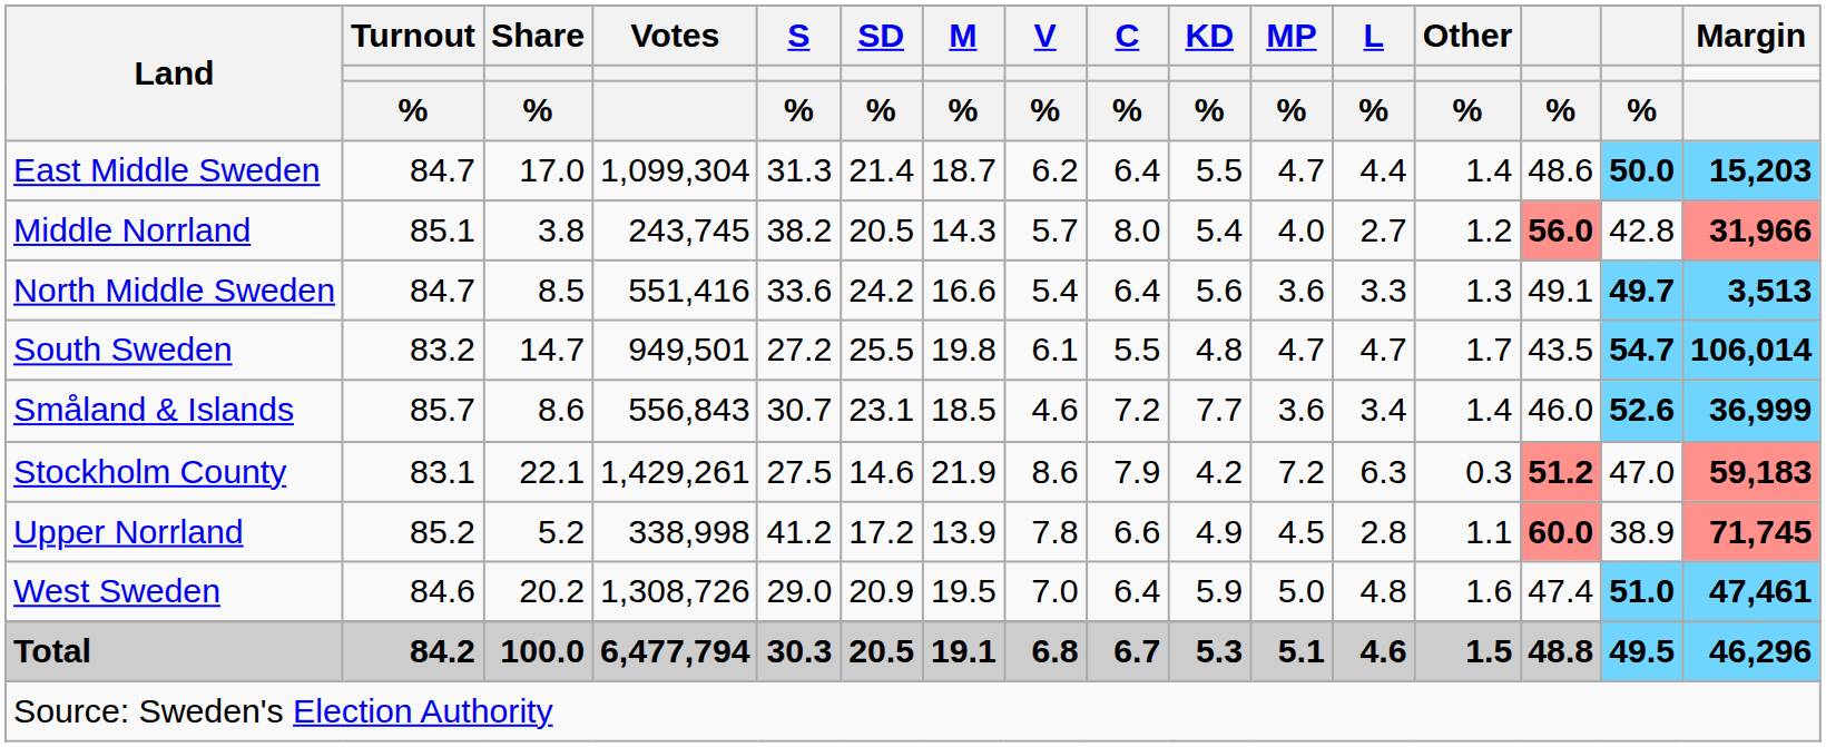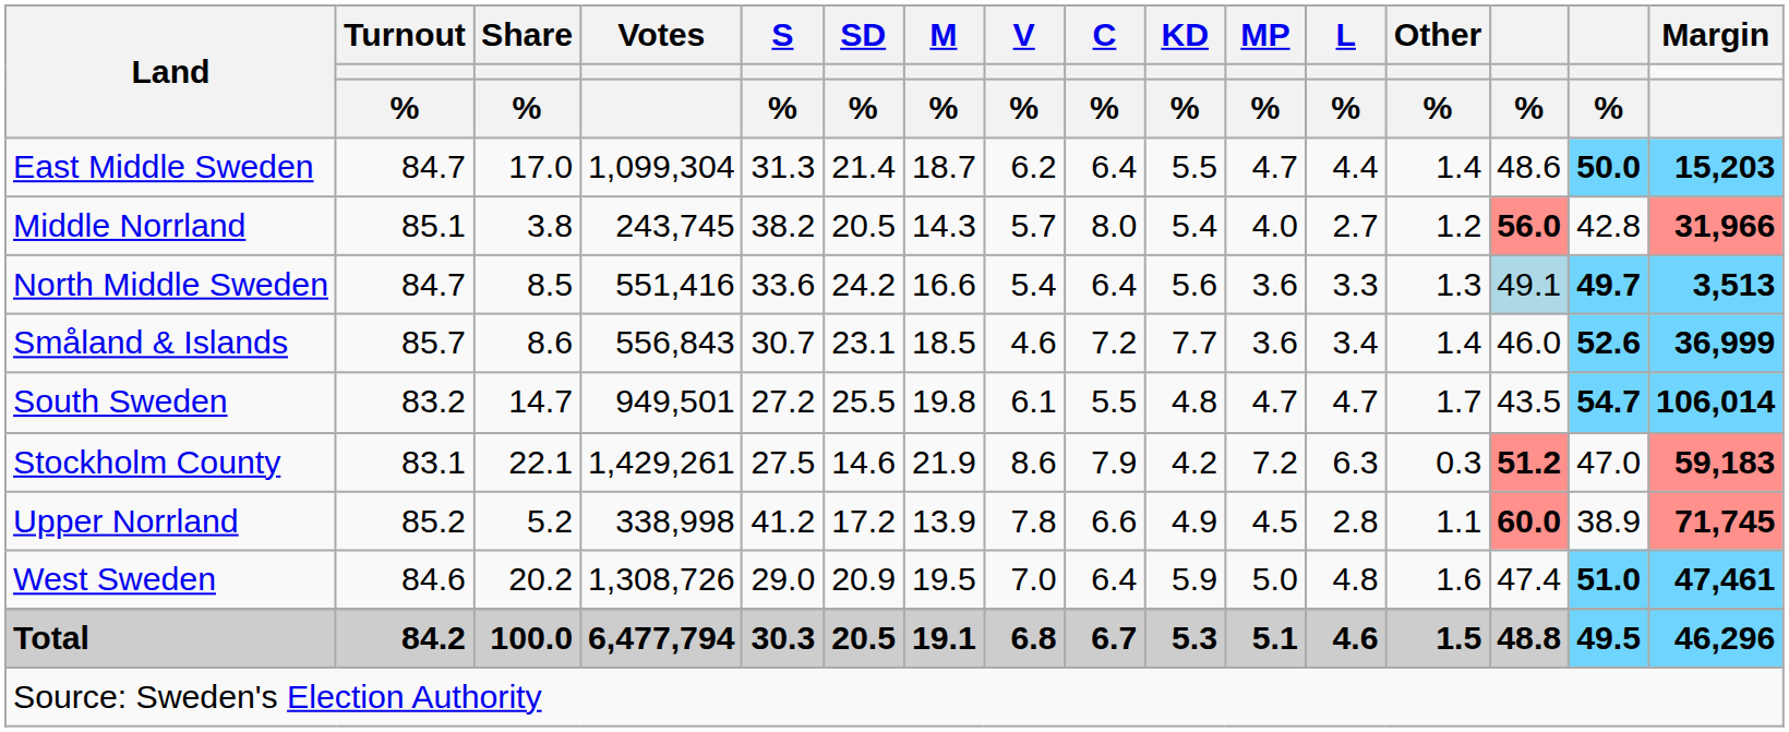 <table class="wikitable sortable" style="text-align:right; font-size:95%; line-height:20px;">
 <tr>
 <th rowspan="3">Land</th>
 <th>Turnout</th>
 <th>Share</th>
 <th>Votes</th>
 <th width="30px" class="unsortable"><a href='#'>S</a></th>
 <th width="30px" class="unsortable"><a href='#'>SD</a></th>
 <th width="30px" class="unsortable"><a href='#'>M</a></th>
 <th width="30px" class="unsortable"><a href='#'>V</a></th>
 <th width="30px" class="unsortable"><a href='#'>C</a></th>
 <th width="30px" class="unsortable"><a href='#'>KD</a></th>
 <th width="30px" class="unsortable"><a href='#'>MP</a></th>
 <th width="30px" class="unsortable"><a href='#'>L</a></th>
 <th width="30px" class="unsortable">Other</th>
 <th></th>
 <th></th>
 <th>Margin</th>
 </tr>
 <tr>
 <th></th>
 <th></th>
 <th></th>
 <th style="background:"></th>
 <th style="background:"></th>
 <th style="background:"></th>
 <th style="background:"></th>
 <th style="background:"></th>
 <th style="background:"></th>
 <th style="background:"></th>
 <th style="background:"></th>
 <th style="background:"></th>
 <th style="background:"></th>
 <th style="background:"></th>
 </tr>
 <tr>
 <th data-sort-type="number">%</th>
 <th data-sort-type="number">%</th>
 <th></th>
 <th data-sort-type="number">%</th>
 <th data-sort-type="number">%</th>
 <th data-sort-type="number">%</th>
 <th data-sort-type="number">%</th>
 <th data-sort-type="number">%</th>
 <th data-sort-type="number">%</th>
 <th data-sort-type="number">%</th>
 <th data-sort-type="number">%</th>
 <th data-sort-type="number">%</th>
 <th data-sort-type="number">%</th>
 <th data-sort-type="number">%</th>
 <th data-sort-type="number"></th>
 </tr>
 <tr>
 <td align="left"><a href='#'>East Middle Sweden</a></td>
 <td>84.7</td>
 <td>17.0</td>
 <td>1,099,304</td>
 <td>31.3</td>
 <td>21.4</td>
 <td>18.7</td>
 <td>6.2</td>
 <td>6.4</td>
 <td>5.5</td>
 <td>4.7</td>
 <td>4.4</td>
 <td>1.4</td>
 <td>48.6</td>
 <td bgcolor=#6fd5fe><strong>50.0</strong></td>
 <td bgcolor=#6fd5fe><strong>15,203</strong></td>
 </tr>
 <tr>
 <td align="left"><a href='#'>Middle Norrland</a></td>
 <td>85.1</td>
 <td>3.8</td>
 <td>243,745</td>
 <td>38.2</td>
 <td>20.5</td>
 <td>14.3</td>
 <td>5.7</td>
 <td>8.0</td>
 <td>5.4</td>
 <td>4.0</td>
 <td>2.7</td>
 <td>1.2</td>
 <td bgcolor=#ff908c><strong>56.0</strong></td>
 <td>42.8</td>
 <td bgcolor=#ff908c><strong>31,966</strong></td>
 </tr>
 <tr>
 <td align="left"><a href='#'>North Middle Sweden</a></td>
 <td>84.7</td>
 <td>8.5</td>
 <td>551,416</td>
 <td>33.6</td>
 <td>24.2</td>
 <td>16.6</td>
 <td>5.4</td>
 <td>6.4</td>
 <td>5.6</td>
 <td>3.6</td>
 <td>3.3</td>
 <td>1.3</td>
-<td>49.1</td>
+<td style="background: lightblue;">49.1</td>
 <td bgcolor=#6fd5fe><strong>49.7</strong></td>
 <td bgcolor=#6fd5fe><strong>3,513</strong></td>
+</tr>
+<tr>
+<td align="left"><a href='#'>Småland & Islands</a></td>
+<td>85.7</td>
+<td>8.6</td>
+<td>556,843</td>
+<td>30.7</td>
+<td>23.1</td>
+<td>18.5</td>
+<td>4.6</td>
+<td>7.2</td>
+<td>7.7</td>
+<td>3.6</td>
+<td>3.4</td>
+<td>1.4</td>
+<td>46.0</td>
+<td bgcolor=#6fd5fe><strong>52.6</strong></td>
+<td bgcolor=#6fd5fe><strong>36,999</strong></td>
 </tr>
 <tr>
 <td align="left"><a href='#'>South Sweden</a></td>
 <td>83.2</td>
 <td>14.7</td>
 <td>949,501</td>
 <td>27.2</td>
 <td>25.5</td>
 <td>19.8</td>
 <td>6.1</td>
 <td>5.5</td>
 <td>4.8</td>
 <td>4.7</td>
 <td>4.7</td>
 <td>1.7</td>
 <td>43.5</td>
 <td bgcolor=#6fd5fe><strong>54.7</strong></td>
 <td bgcolor=#6fd5fe><strong>106,014</strong></td>
-</tr>
-<tr>
-<td align="left"><a href='#'>Småland & Islands</a></td>
-<td>85.7</td>
-<td>8.6</td>
-<td>556,843</td>
-<td>30.7</td>
-<td>23.1</td>
-<td>18.5</td>
-<td>4.6</td>
-<td>7.2</td>
-<td>7.7</td>
-<td>3.6</td>
-<td>3.4</td>
-<td>1.4</td>
-<td>46.0</td>
-<td bgcolor=#6fd5fe><strong>52.6</strong></td>
-<td bgcolor=#6fd5fe><strong>36,999</strong></td>
 </tr>
 <tr>
 <td align="left"><a href='#'>Stockholm County</a></td>
 <td>83.1</td>
 <td>22.1</td>
 <td>1,429,261</td>
 <td>27.5</td>
 <td>14.6</td>
 <td>21.9</td>
 <td>8.6</td>
 <td>7.9</td>
 <td>4.2</td>
 <td>7.2</td>
 <td>6.3</td>
 <td>0.3</td>
 <td bgcolor=#ff908c><strong>51.2</strong></td>
 <td>47.0</td>
 <td bgcolor=#ff908c><strong>59,183</strong></td>
 </tr>
 <tr>
 <td align="left"><a href='#'>Upper Norrland</a></td>
 <td>85.2</td>
 <td>5.2</td>
 <td>338,998</td>
 <td>41.2</td>
 <td>17.2</td>
 <td>13.9</td>
 <td>7.8</td>
 <td>6.6</td>
 <td>4.9</td>
 <td>4.5</td>
 <td>2.8</td>
 <td>1.1</td>
 <td bgcolor=#ff908c><strong>60.0</strong></td>
 <td>38.9</td>
 <td bgcolor=#ff908c><strong>71,745</strong></td>
 </tr>
 <tr>
 <td align="left"><a href='#'>West Sweden</a></td>
 <td>84.6</td>
 <td>20.2</td>
 <td>1,308,726</td>
 <td>29.0</td>
 <td>20.9</td>
 <td>19.5</td>
 <td>7.0</td>
 <td>6.4</td>
 <td>5.9</td>
 <td>5.0</td>
 <td>4.8</td>
 <td>1.6</td>
 <td>47.4</td>
 <td bgcolor=#6fd5fe><strong>51.0</strong></td>
 <td bgcolor=#6fd5fe><strong>47,461</strong></td>
 </tr>
 <tr>
 </tr>
 <tr style="background:#CDCDCD;">
 <td align="left"><strong>Total</strong></td>
 <td><strong>84.2</strong></td>
 <td><strong>100.0</strong></td>
 <td><strong>6,477,794</strong></td>
 <td><strong>30.3</strong></td>
 <td><strong>20.5</strong></td>
 <td><strong>19.1</strong></td>
 <td><strong>6.8</strong></td>
 <td><strong>6.7</strong></td>
 <td><strong>5.3</strong></td>
 <td><strong>5.1</strong></td>
 <td><strong>4.6</strong></td>
 <td><strong>1.5</strong></td>
 <td><strong>48.8</strong></td>
 <td bgcolor=#6fd5fe><strong>49.5</strong></td>
 <td bgcolor=#6fd5fe><strong>46,296</strong></td>
 </tr>
 <tr>
 <td colspan="16" align="left">Source: Sweden's <a href='#'>Election Authority</a></td>
 </tr>
 </table>
